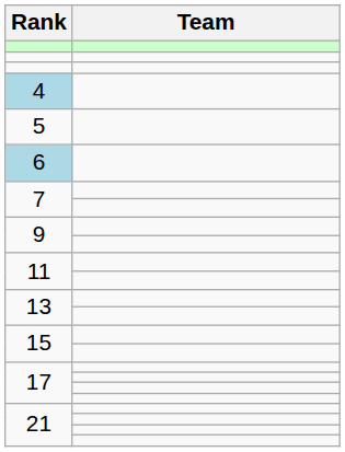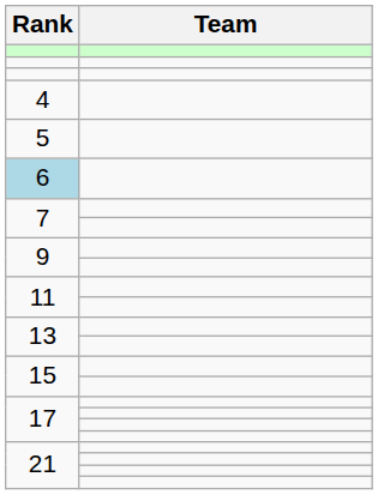 <table class="wikitable" style="text-align:center">
 <tr>
 <th width=40>Rank</th>
 <th width=180>Team</th>
 </tr>
 <tr bgcolor=#ccffcc>
 <td></td>
 <td style="text-align:left"></td>
 </tr>
 <tr>
 <td></td>
 <td style="text-align:left"></td>
 </tr>
 <tr>
 <td></td>
 <td style="text-align:left"></td>
 </tr>
 <tr>
-<td style="background: lightblue;">4</td>
+<td>4</td>
 <td style="text-align:left"></td>
 </tr>
 <tr>
 <td>5</td>
 <td style="text-align:left"></td>
 </tr>
 <tr>
 <td style="background: lightblue;">6</td>
 <td style="text-align:left"></td>
 </tr>
 <tr>
 <td rowspan=2>7</td>
 <td style="text-align:left"></td>
 </tr>
 <tr>
 <td style="text-align:left"></td>
 </tr>
 <tr>
 <td rowspan=2>9</td>
 <td style="text-align:left"></td>
 </tr>
 <tr>
 <td style="text-align:left"></td>
 </tr>
 <tr>
 <td rowspan=2>11</td>
 <td style="text-align:left"></td>
 </tr>
 <tr>
 <td style="text-align:left"></td>
 </tr>
 <tr>
 <td rowspan=2>13</td>
 <td style="text-align:left"></td>
 </tr>
 <tr>
 <td style="text-align:left"></td>
 </tr>
 <tr>
 <td rowspan=2>15</td>
 <td style="text-align:left"></td>
 </tr>
 <tr>
 <td style="text-align:left"></td>
 </tr>
 <tr>
 <td rowspan=4>17</td>
 <td style="text-align:left"></td>
 </tr>
 <tr>
 <td style="text-align:left"></td>
 </tr>
 <tr>
 <td style="text-align:left"></td>
 </tr>
 <tr>
 <td style="text-align:left"></td>
 </tr>
 <tr>
 <td rowspan=4>21</td>
 <td style="text-align:left"></td>
 </tr>
 <tr>
 <td style="text-align:left"></td>
 </tr>
 <tr>
 <td style="text-align:left"></td>
 </tr>
 <tr>
 <td style="text-align:left"></td>
 </tr>
 </table>
